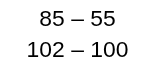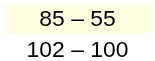 <table style="text-align:center">
 <tr>
 <th width=200></th>
 <th width=100></th>
 <th width=200></th>
 <th></th>
 </tr>
 <tr>
 <td align=right><strong></strong></td>
-<td>85 – 55</td>
+<td style="background: lightyellow;">85 – 55</td>
 <td align=left></td>
 </tr>
 <tr>
 <td align=right><strong></strong></td>
 <td>102 – 100</td>
 <td align=left></td>
 </tr>
 </table>
